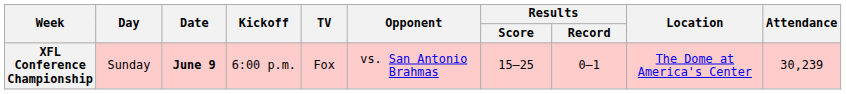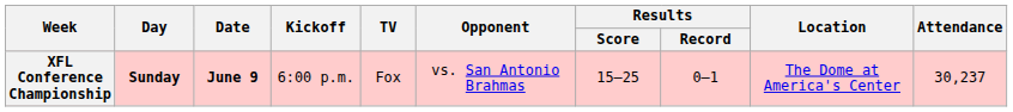 <table class="wikitable" style="text-align:center; font-size: 95%;">
 <tr>
 <th rowspan="2" width="40">Week</th>
 <th rowspan="2" width="80">Day</th>
 <th rowspan="2" width="90">Date</th>
 <th rowspan="2" width="90">Kickoff</th>
 <th rowspan="2" width="60">TV</th>
 <th rowspan="2" width="200">Opponent</th>
 <th colspan="2" width="200">Results</th>
 <th rowspan="2" width="200">Location</th>
 <th rowspan="2">Attendance</th>
 </tr>
 <tr>
 <th width="60">Score</th>
 <th width="60">Record</th>
 </tr>
 <tr style="background:#ffcccc">
 <th>XFL Conference Championship</th>
-<td>Sunday</td>
+<td><strong>Sunday</strong></td>
 <td><strong>June 9</strong></td>
 <td>6:00 p.m.</td>
 <td>Fox</td>
 <td>vs. <a href='#'>San Antonio Brahmas</a></td>
 <td>15–25</td>
 <td>0–1</td>
 <td><a href='#'>The Dome at America's Center</a></td>
-<td>30,239</td>
+<td>30,237</td>
 </tr>
 </table>
